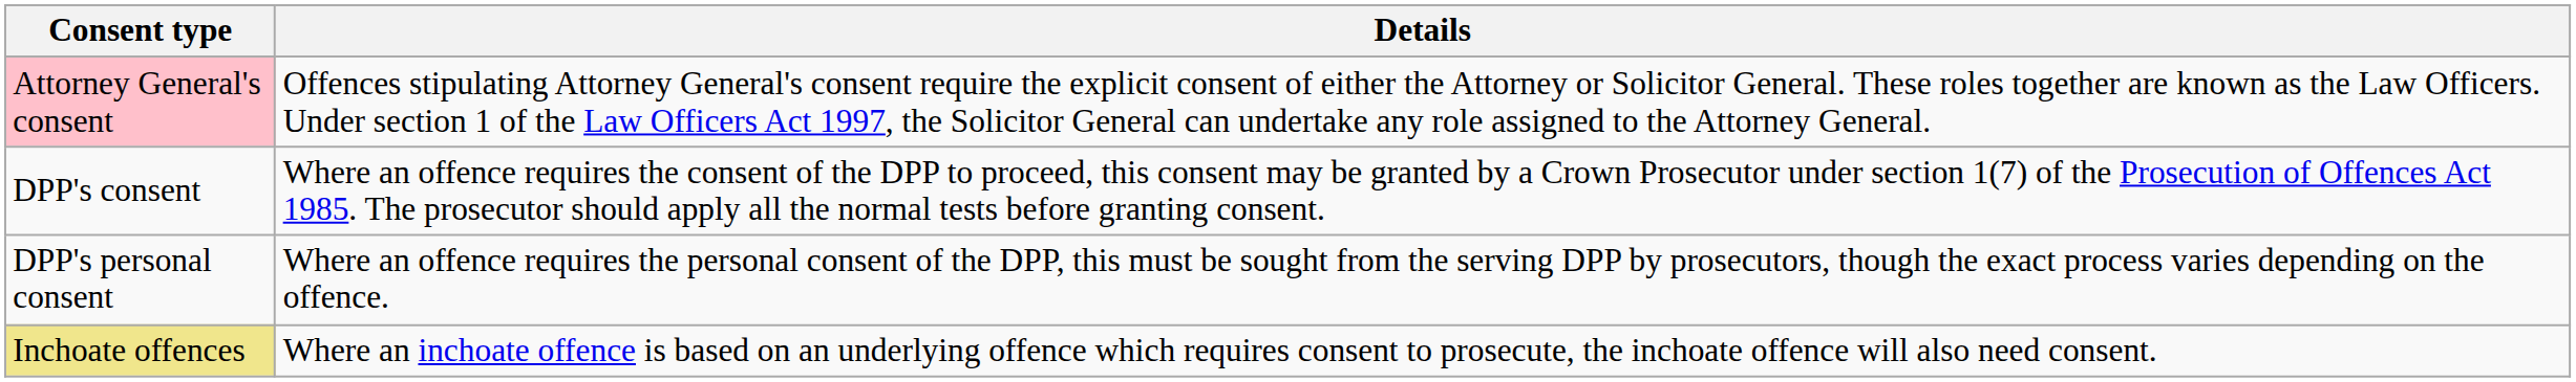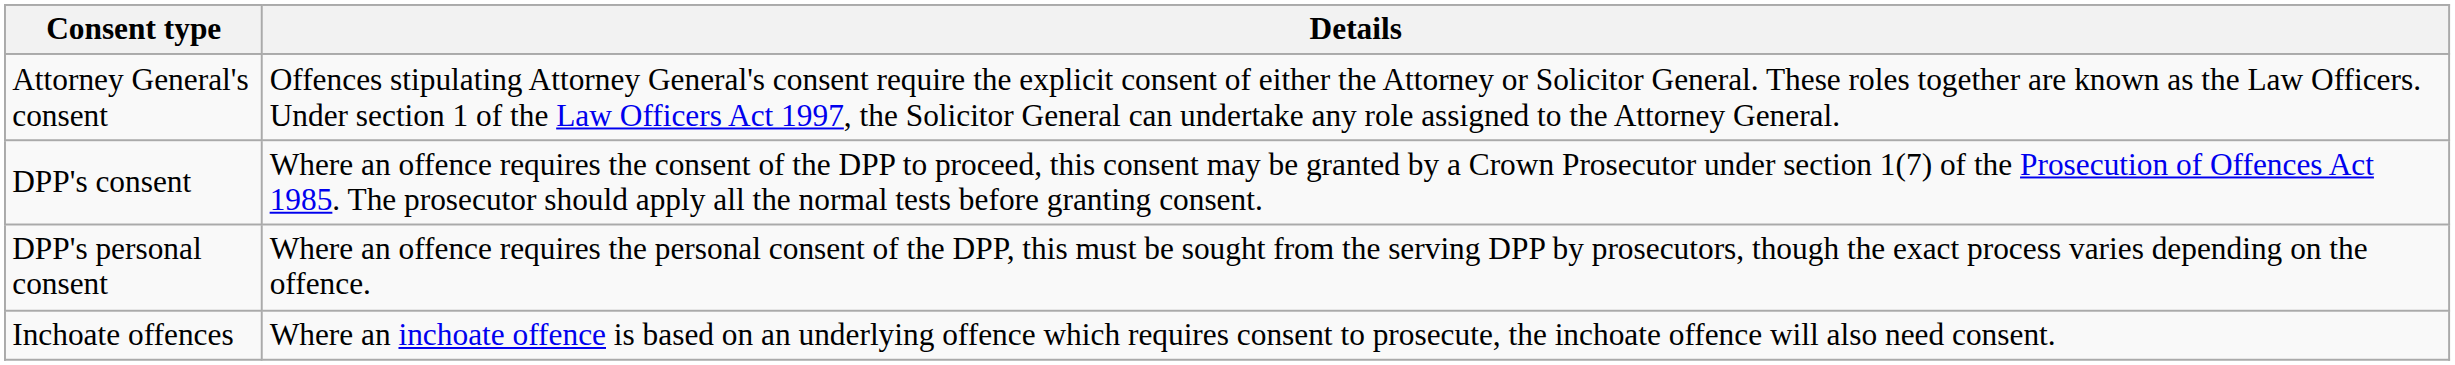 <table class="wikitable">
 <tr>
 <th>Consent type</th>
 <th>Details</th>
 </tr>
 <tr>
-<td style="background: pink;">Attorney General's consent</td>
+<td>Attorney General's consent</td>
 <td>Offences stipulating Attorney General's consent require the explicit consent of either the Attorney or Solicitor General. These roles together are known as the Law Officers. Under section 1 of the <a href='#'>Law Officers Act 1997</a>, the Solicitor General can undertake any role assigned to the Attorney General.</td>
 </tr>
 <tr>
 <td>DPP's consent</td>
 <td>Where an offence requires the consent of the DPP to proceed, this consent may be granted by a Crown Prosecutor under section 1(7) of the <a href='#'>Prosecution of Offences Act 1985</a>. The prosecutor should apply all the normal tests before granting consent.</td>
 </tr>
 <tr>
 <td>DPP's personal consent</td>
 <td>Where an offence requires the personal consent of the DPP, this must be sought from the serving DPP by prosecutors, though the exact process varies depending on the offence.</td>
 </tr>
 <tr>
-<td style="background: khaki;">Inchoate offences</td>
+<td>Inchoate offences</td>
 <td>Where an <a href='#'>inchoate offence</a> is based on an underlying offence which requires consent to prosecute, the inchoate offence will also need consent.</td>
 </tr>
 </table>
